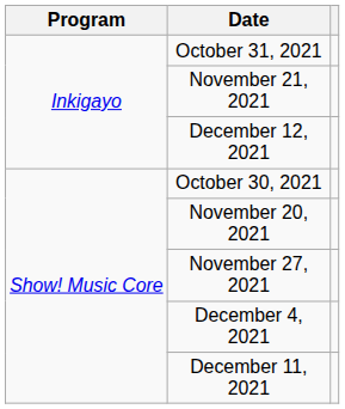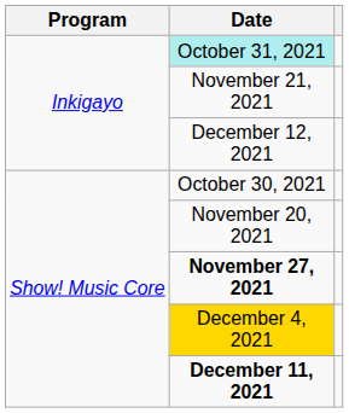 <table class="wikitable sortable" style="text-align:center;">
 <tr>
 <th>Program</th>
 <th width="130">Date</th>
 <th class="unsortable"></th>
 </tr>
 <tr>
 <td rowspan="3"><em><a href='#'>Inkigayo</a></em></td>
-<td>October 31, 2021</td>
+<td style="background: paleturquoise;">October 31, 2021</td>
 <td></td>
 </tr>
 <tr>
 <td>November 21, 2021</td>
 <td></td>
 </tr>
 <tr>
 <td>December 12, 2021</td>
 <td></td>
 </tr>
 <tr>
 <td rowspan="5"><em><a href='#'>Show! Music Core</a></em></td>
 <td>October 30, 2021</td>
 <td></td>
 </tr>
 <tr>
 <td>November 20, 2021</td>
 <td></td>
 </tr>
 <tr>
-<td>November 27, 2021</td>
+<td><strong>November 27, 2021</strong></td>
 <td></td>
 </tr>
 <tr>
-<td>December 4, 2021</td>
+<td style="background: gold;">December 4, 2021</td>
 <td></td>
 </tr>
 <tr>
-<td>December 11, 2021</td>
+<td><strong>December 11, 2021</strong></td>
 <td></td>
 </tr>
 </table>
